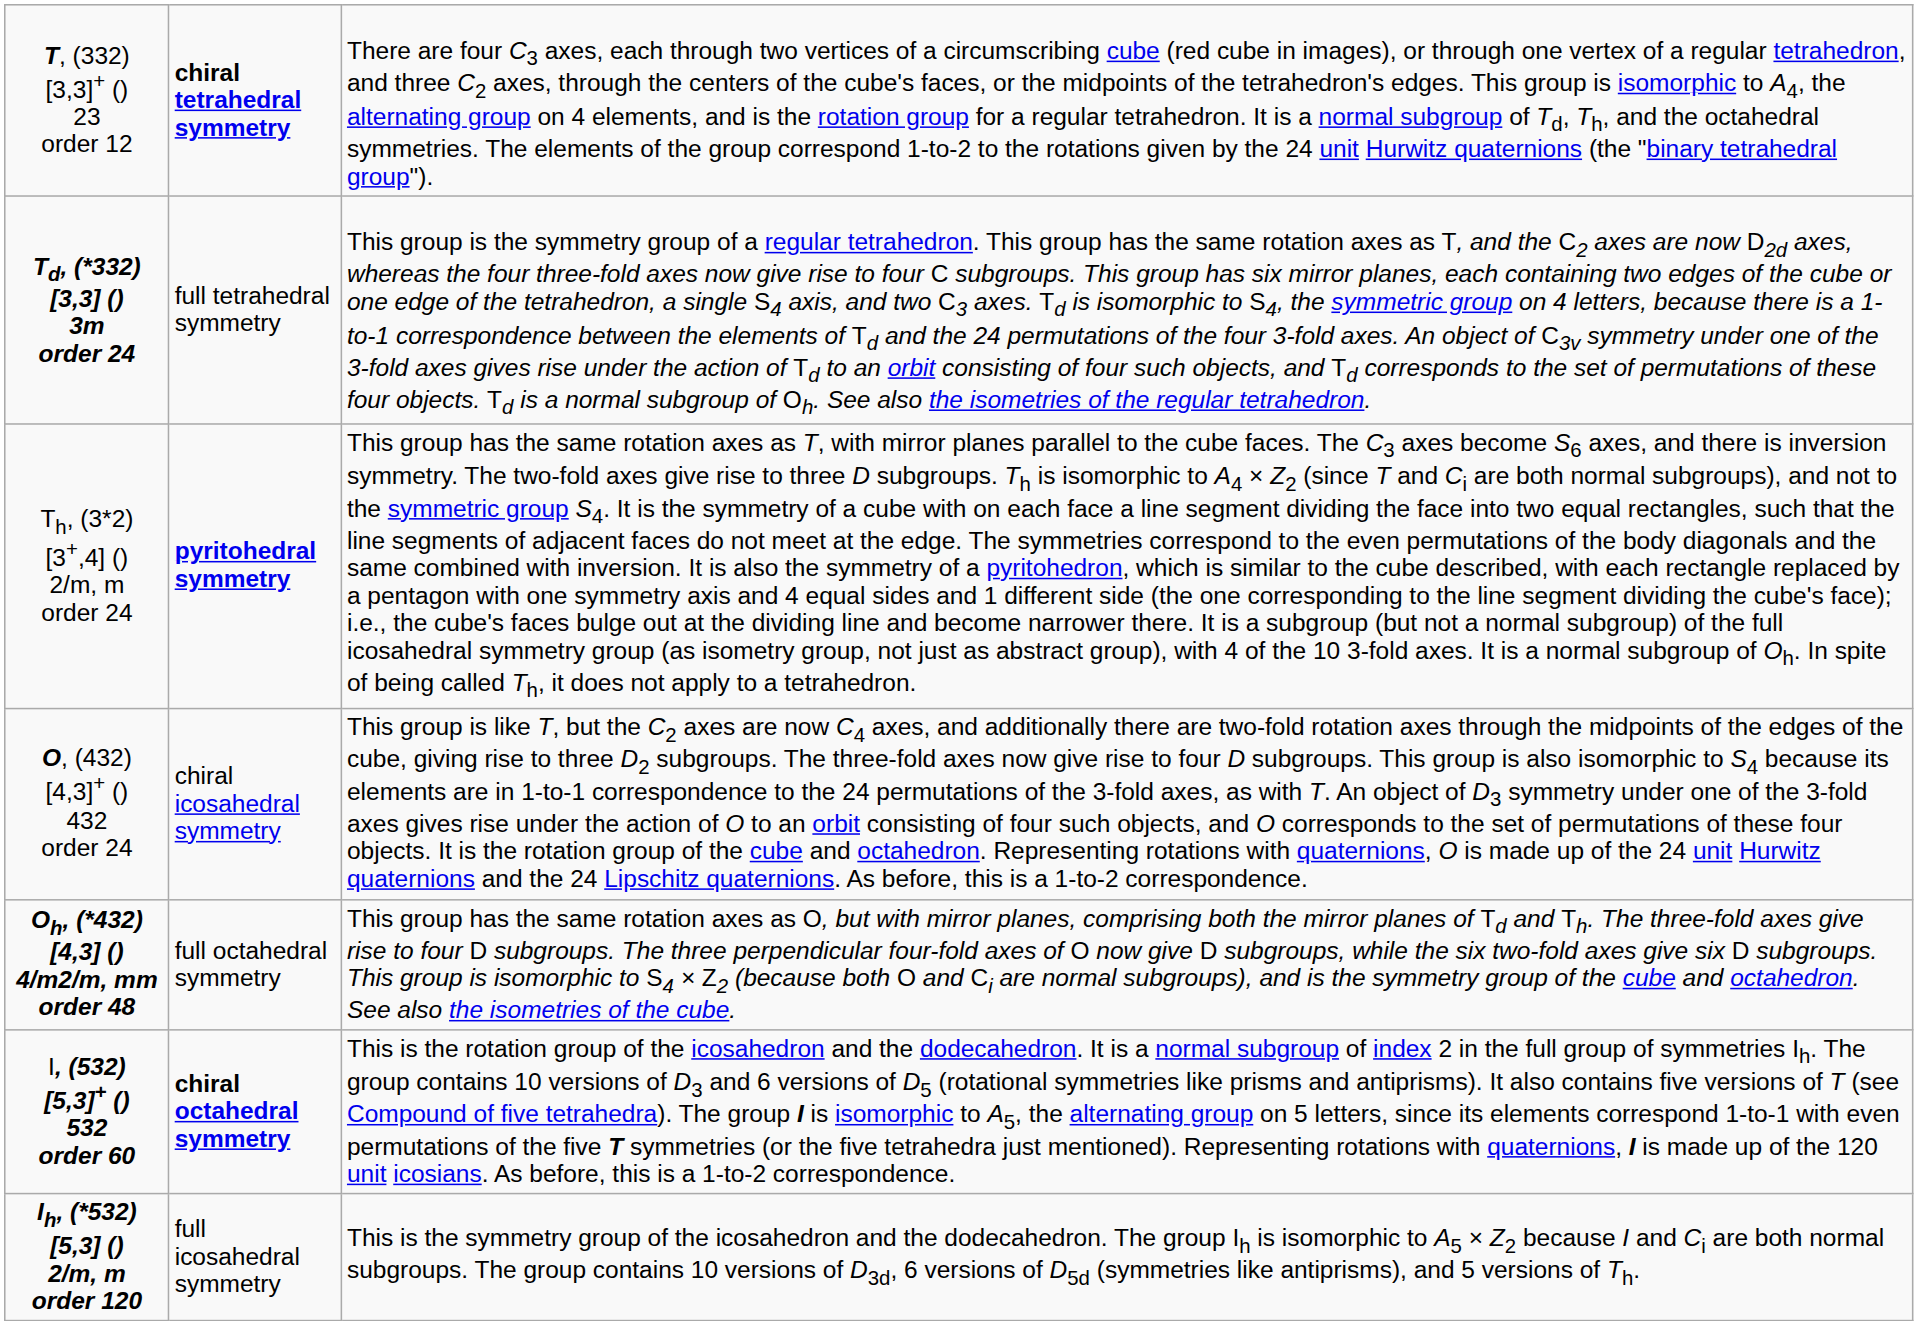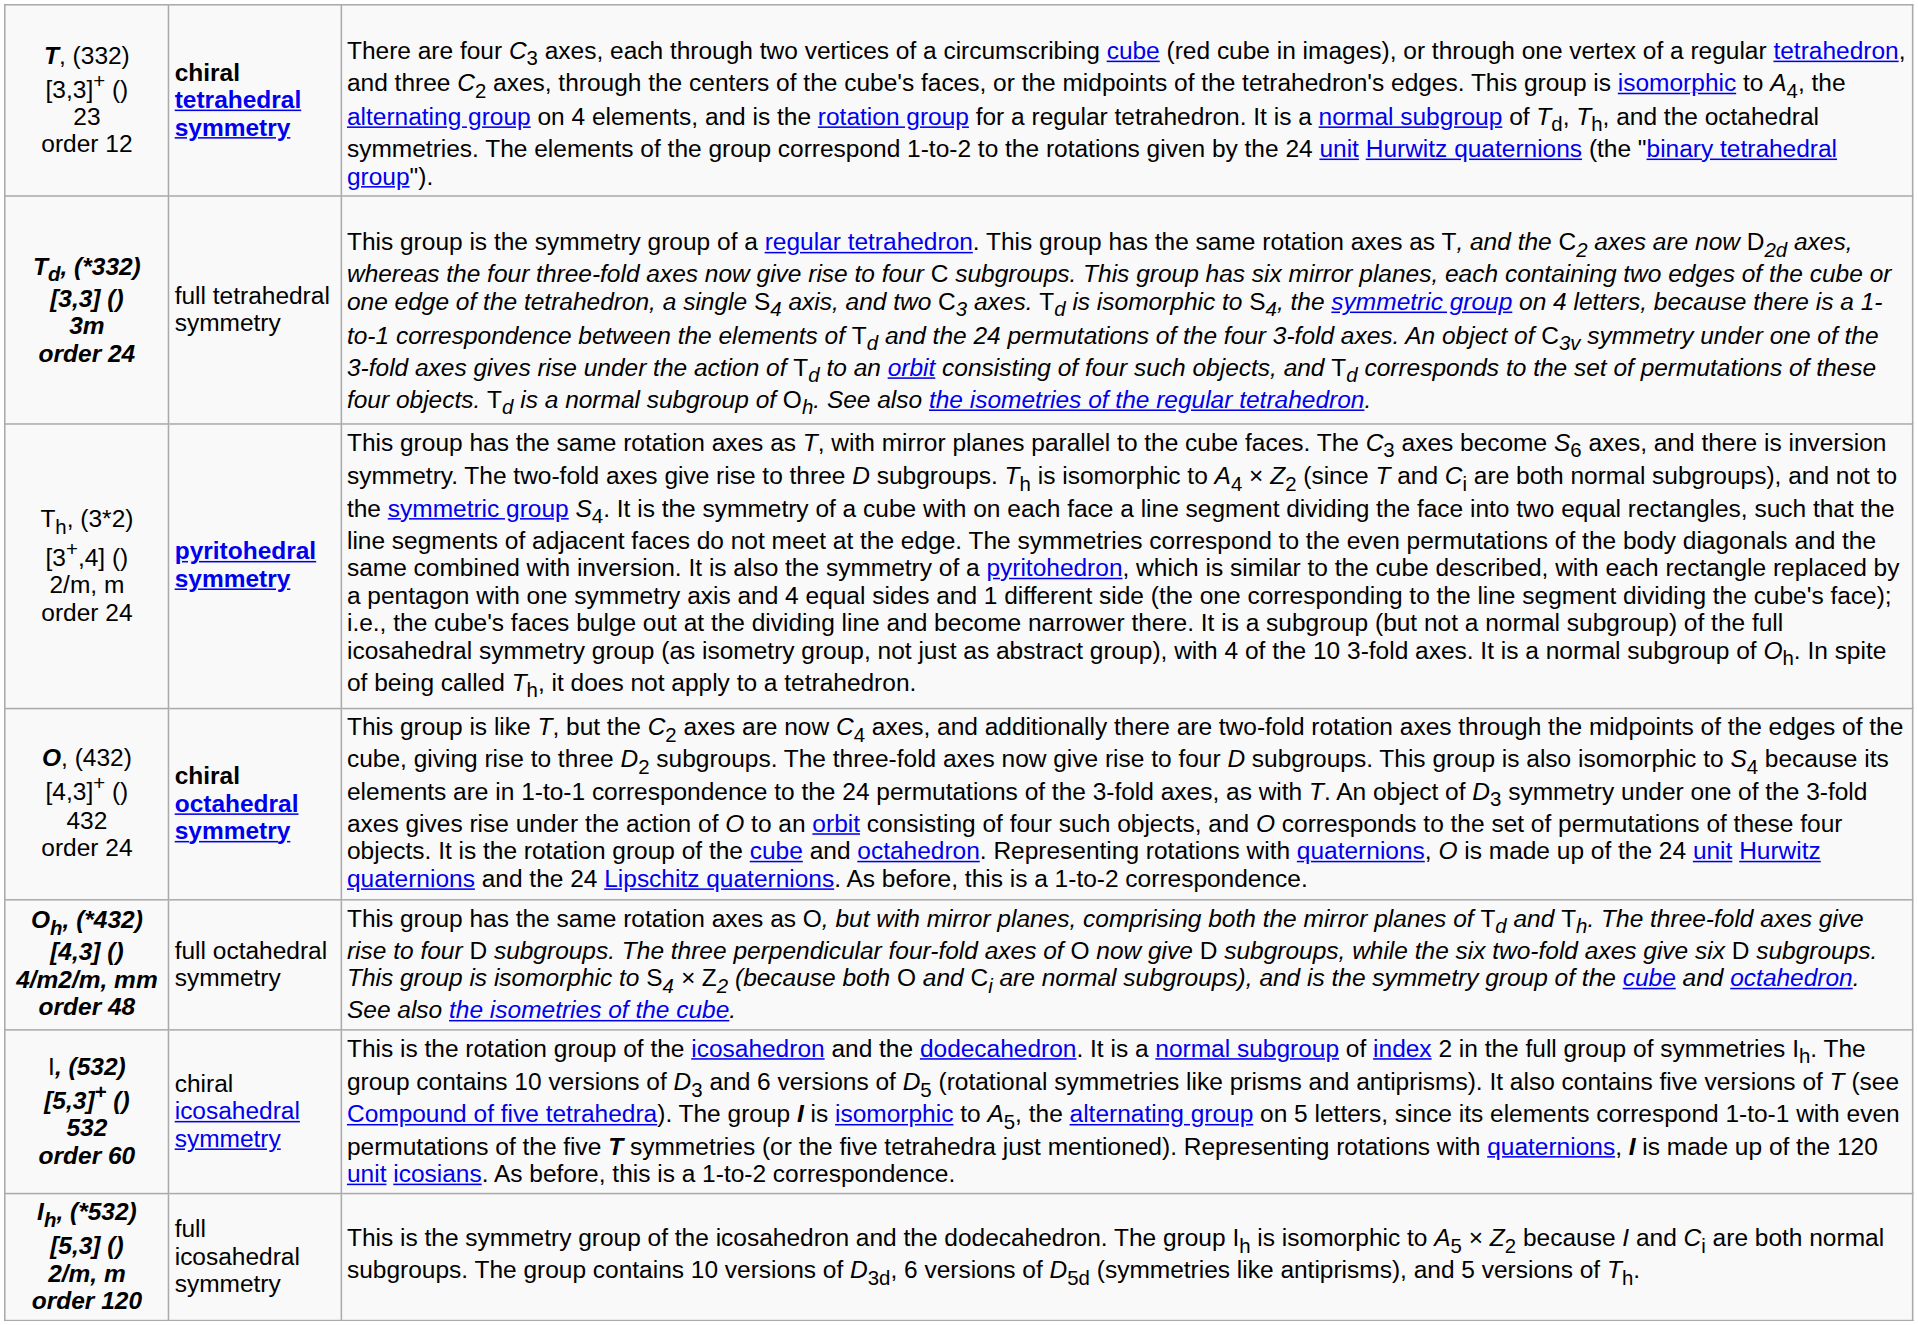 <table class=wikitable>
 <tr>
 <td width=100 align=center><strong><em>T</em></strong>, (332)<br>[3,3]<sup>+</sup> ()<br>23<br>order 12</td>
 <td><strong>chiral <a href='#'>tetrahedral symmetry</a></strong></td>
 <td><br> There are four <em>C</em><sub>3</sub> axes, each  through two vertices of a circumscribing <a href='#'>cube</a> (red cube in images), or through one vertex of a regular <a href='#'>tetrahedron</a>, and three <em>C</em><sub>2</sub> axes, through the centers of the cube's faces, or the midpoints of the tetrahedron's edges. This group is <a href='#'>isomorphic</a> to <em>A</em><sub>4</sub>, the <a href='#'>alternating group</a> on 4 elements, and is the <a href='#'>rotation group</a> for a regular tetrahedron. It is a <a href='#'>normal subgroup</a> of <em>T</em><sub>d</sub>, <em>T</em><sub>h</sub>, and the octahedral symmetries. The elements of the group correspond 1-to-2 to the rotations given by the 24 <a href='#'>unit</a> <a href='#'>Hurwitz quaternions</a> (the "<a href='#'>binary tetrahedral group</a>").</td>
 </tr>
 <tr>
 <td align=center><strong><em>T<em><sub>d</sub><strong>, (*332)<br>[3,3] ()<br>3m<br>order 24</td>
 <td></strong>full tetrahedral symmetry<strong></td>
 <td><br> This group is the symmetry group of a <a href='#'>regular tetrahedron</a>. This group has the same rotation axes as </em>T<em>, and the </em>C<em><sub>2</sub> axes are now </em>D<em><sub>2d</sub> axes, whereas the four three-fold axes now give rise to four </em>C<em> subgroups. This group has six mirror planes, each containing two edges of the cube or one edge of the tetrahedron, a single </em>S<em><sub>4</sub> axis, and two </em>C<em><sub>3</sub> axes. </em>T<em><sub>d</sub> is isomorphic to </em>S<em><sub>4</sub>, the <a href='#'>symmetric group</a> on 4 letters, because there is a 1-to-1 correspondence between the elements of </em>T<em><sub>d</sub> and the 24 permutations of the four 3-fold axes. An object of </em>C<em><sub>3v</sub> symmetry under one of the 3-fold axes gives rise under the action of </em>T<em><sub>d</sub> to an <a href='#'>orbit</a> consisting of four such objects, and </em>T<em><sub>d</sub> corresponds to the set of permutations of these four objects. </em>T<em><sub>d</sub> is a normal subgroup of </em>O<em><sub>h</sub>. See also <a href='#'>the isometries of the regular tetrahedron</a>.</td>
 </tr>
 <tr>
 <td align=center></em></strong>T</em><sub>h</sub></strong>, (3*2)<br>[3<sup>+</sup>,4] ()<br>2/m, m<br> order 24</td>
 <td><strong><a href='#'>pyritohedral symmetry</a></strong></td>
 <td> This group has the same rotation axes as <em>T</em>, with mirror planes parallel to the cube faces. The <em>C</em><sub>3</sub> axes become <em>S</em><sub>6</sub> axes, and there is inversion symmetry. The two-fold axes give rise to three <em>D</em> subgroups. <em>T</em><sub>h</sub> is isomorphic to <em>A</em><sub>4</sub> × <em>Z</em><sub>2</sub> (since <em>T</em> and <em>C</em><sub>i</sub> are both normal subgroups), and not to the <a href='#'>symmetric group</a> <em>S</em><sub>4</sub>. It is the symmetry of a cube with on each face a line segment dividing the face into two equal rectangles, such that the line segments of adjacent faces do not meet at the edge. The symmetries correspond to the even permutations of the body diagonals and the same combined with inversion. It is also the symmetry of a <a href='#'>pyritohedron</a>, which is similar to the cube described, with each rectangle replaced by a pentagon with one symmetry axis and 4 equal sides and 1 different side (the one corresponding to the line segment dividing the cube's face); i.e., the cube's faces bulge out at the dividing line and become narrower there. It is a subgroup (but not a normal subgroup) of the full icosahedral symmetry group (as isometry group, not just as abstract group), with 4 of the 10 3-fold axes. It is a normal subgroup of <em>O</em><sub>h</sub>. In spite of being called <em>T</em><sub>h</sub>, it does not apply to a tetrahedron.</td>
 </tr>
 <tr>
 <td align=center><strong><em>O</em></strong>, (432)<br>[4,3]<sup>+</sup> ()<br>432<br>order 24</td>
-<td></strong>chiral <a href='#'>icosahedral symmetry</a><strong></td>
+<td><strong>chiral <a href='#'>octahedral symmetry</a></strong></td>
 <td>This group is like <em>T</em>, but the <em>C</em><sub>2</sub> axes are now <em>C</em><sub>4</sub> axes, and additionally there are two-fold rotation axes through the midpoints of the edges of the cube, giving rise to three <em>D</em><sub>2</sub> subgroups. The three-fold axes now give rise to four <em>D</em> subgroups. This group is also isomorphic to <em>S</em><sub>4</sub> because its elements are in 1-to-1 correspondence to the 24 permutations of the 3-fold axes, as with <em>T</em>. An object of <em>D</em><sub>3</sub> symmetry under one of the 3-fold axes gives rise under the action of <em>O</em> to an <a href='#'>orbit</a> consisting of four such objects, and <em>O</em> corresponds to the set of permutations of these four objects. It is the rotation group of the <a href='#'>cube</a> and <a href='#'>octahedron</a>. Representing rotations with <a href='#'>quaternions</a>, <em>O</em> is made up of the 24 <a href='#'>unit</a> <a href='#'>Hurwitz quaternions</a> and the 24 <a href='#'>Lipschitz quaternions</a>. As before, this is a 1-to-2 correspondence.</td>
 </tr>
 <tr>
 <td align=center><strong><em>O<em><sub>h</sub><strong>, (*432)<br>[4,3] ()<br>4/m2/m, mm<br>order 48</td>
 <td></strong>full octahedral symmetry<strong></td>
 <td>This group has the same rotation axes as </em>O<em>, but with mirror planes, comprising both the mirror planes of </em>T<em><sub>d</sub> and </em>T<em><sub>h</sub>. The three-fold axes give rise to four </em>D<em> subgroups. The three perpendicular four-fold axes of </em>O<em> now give </em>D<em> subgroups, while the six two-fold axes give six </em>D<em> subgroups. This group is isomorphic to </em>S<em><sub>4</sub> × </em>Z<em><sub>2</sub> (because both </em>O<em> and </em>C<em><sub>i</sub> are normal subgroups), and is the symmetry group of the <a href='#'>cube</a> and <a href='#'>octahedron</a>. See also <a href='#'>the isometries of the cube</a>.</td>
 </tr>
 <tr>
 <td align=center></em></strong>I<strong><em>, (532)<br>[5,3]<sup>+</sup> ()<br>532<br>order 60</td>
-<td><strong>chiral <a href='#'>octahedral symmetry</a></strong></td>
+<td></strong>chiral <a href='#'>icosahedral symmetry</a><strong></td>
 <td>This is the rotation group of the <a href='#'>icosahedron</a> and the <a href='#'>dodecahedron</a>. It is a <a href='#'>normal subgroup</a> of <a href='#'>index</a> 2 in the full group of symmetries </em></strong>I</em><sub>h</sub></strong>. The group contains 10 versions of <em>D</em><sub>3</sub> and 6 versions  of <em>D</em><sub>5</sub> (rotational symmetries like prisms and antiprisms). It also contains five versions of <em>T</em> (see <a href='#'>Compound of five tetrahedra</a>). The group <strong><em>I</em></strong> is <a href='#'>isomorphic</a> to <em>A</em><sub>5</sub>, the <a href='#'>alternating group</a> on 5 letters, since its elements correspond 1-to-1 with even permutations of the five <strong><em>T</em></strong> symmetries (or the five tetrahedra just mentioned). Representing rotations with <a href='#'>quaternions</a>, <strong><em>I</em></strong> is made up of the 120 <a href='#'>unit</a> <a href='#'>icosians</a>. As before, this is a 1-to-2 correspondence.</td>
 </tr>
 <tr>
 <td align=center><strong><em>I<em><sub>h</sub><strong>, (*532)<br>[5,3] ()<br>2/m, m<br>order 120</td>
 <td></strong>full icosahedral symmetry<strong></td>
 <td>This is the symmetry group of the icosahedron and the dodecahedron. The group </em></strong>I</em><sub>h</sub></strong> is isomorphic to <em>A</em><sub>5</sub> × <em>Z</em><sub>2</sub> because <em>I</em> and <em>C</em><sub>i</sub> are both normal subgroups. The group contains 10 versions of <em>D</em><sub>3d</sub>, 6 versions  of <em>D</em><sub>5d</sub> (symmetries like antiprisms), and 5 versions of <em>T</em><sub>h</sub>.</td>
 </tr>
 </table>
